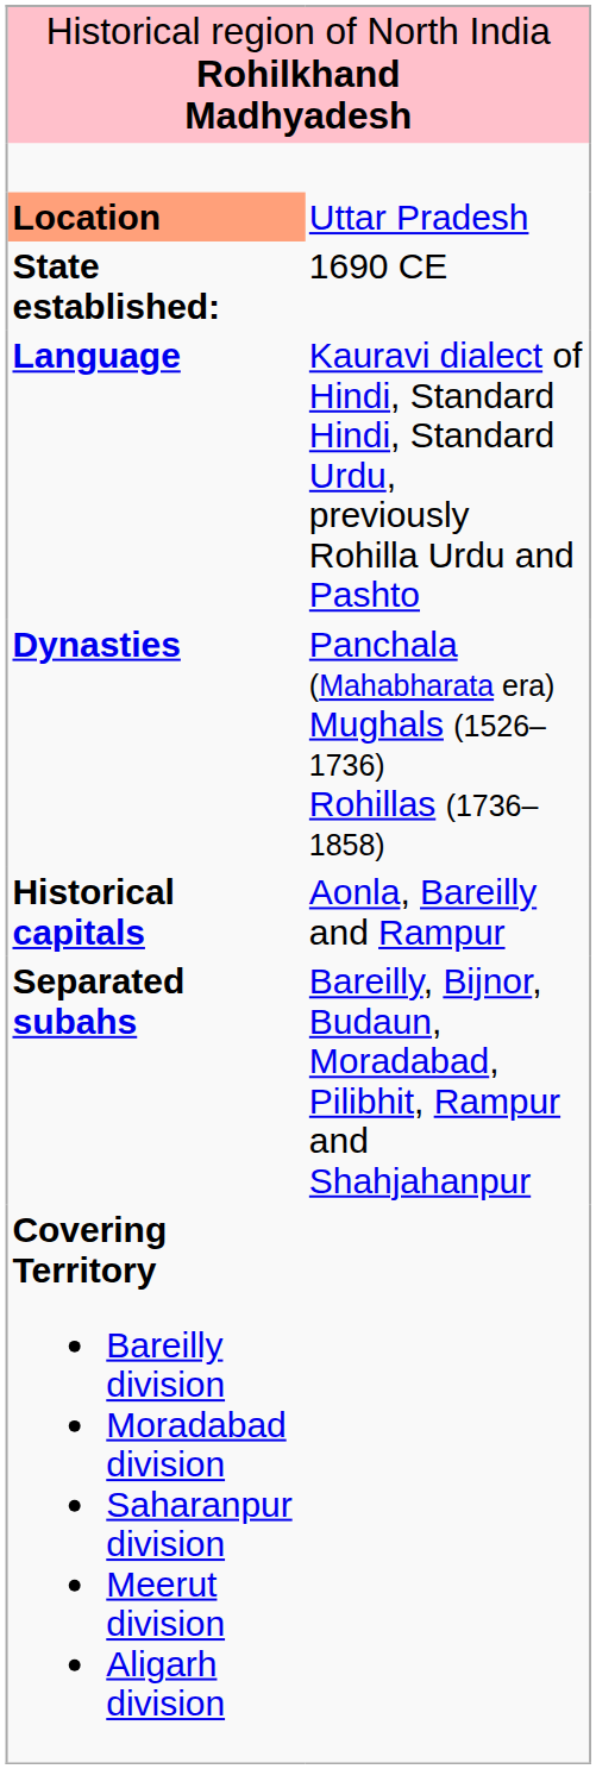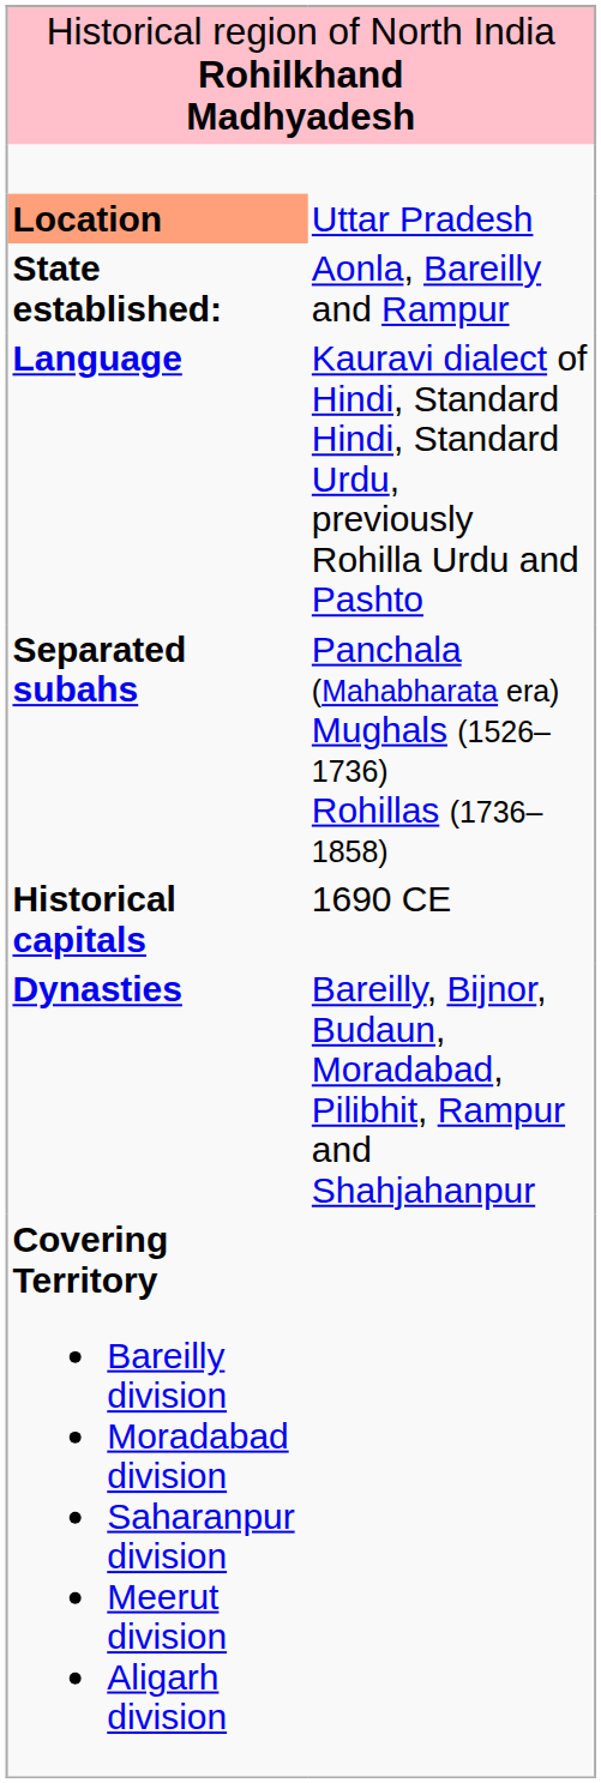 <table class="infobox"  cellpadding="2" cellspacing="2" style="width:250px; border-collapse:collapse; font-size:95%;">
 <tr>
 <td colspan="2" style="margin-left:inherit; background:pink; text-align:center; font-size:medium;">Historical region of North India<br><strong>Rohilkhand</strong><br> <strong>Madhyadesh</strong></td>
 </tr>
 <tr style="text-align:center;">
 <td colspan="2"><div><br></div></td>
 </tr>
 <tr style="vertical-align: top;">
 <td style="background: lightsalmon;"><strong>Location</strong></td>
 <td><a href='#'>Uttar Pradesh</a></td>
 </tr>
 <tr style="vertical-align: top;">
 <td><strong>State established:</strong></td>
-<td>1690 CE</td>
+<td><a href='#'>Aonla</a>, <a href='#'>Bareilly</a> and <a href='#'>Rampur</a></td>
 </tr>
 <tr style="vertical-align: top;">
 <td><strong><a href='#'>Language</a></strong></td>
 <td><a href='#'>Kauravi dialect</a> of <a href='#'>Hindi</a>, Standard <a href='#'>Hindi</a>, Standard <a href='#'>Urdu</a>,<br>previously Rohilla Urdu and <a href='#'>Pashto</a></td>
 </tr>
 <tr style="vertical-align: top;">
-<td><strong><a href='#'>Dynasties</a></strong></td>
+<td><strong>Separated <a href='#'>subahs</a></strong></td>
 <td><a href='#'>Panchala</a> <small>(<a href='#'>Mahabharata</a> era)</small><br><a href='#'>Mughals</a> <small>(1526–1736)</small><br><a href='#'>Rohillas</a> <small>(1736–1858)</small></td>
 </tr>
 <tr style="vertical-align: top;">
 <td><strong>Historical <a href='#'>capitals</a></strong></td>
-<td><a href='#'>Aonla</a>, <a href='#'>Bareilly</a> and <a href='#'>Rampur</a></td>
+<td>1690 CE</td>
 </tr>
 <tr style="vertical-align: top;">
-<td><strong>Separated <a href='#'>subahs</a></strong></td>
+<td><strong><a href='#'>Dynasties</a></strong></td>
 <td><a href='#'>Bareilly</a>, <a href='#'>Bijnor</a>, <a href='#'>Budaun</a>, <a href='#'>Moradabad</a>, <a href='#'>Pilibhit</a>, <a href='#'>Rampur</a> and <a href='#'>Shahjahanpur</a></td>
 </tr>
 <tr style="vertical-align: top;">
 <td><strong>Covering Territory</strong><br><ul><li><a href='#'>Bareilly division</a></li><li><a href='#'>Moradabad division</a></li><li><a href='#'>Saharanpur division</a></li><li><a href='#'>Meerut division</a></li><li><a href='#'>Aligarh division</a></li></ul></td>
 </tr>
 <tr style="vertical-align: top;">
 </tr>
 </table>
